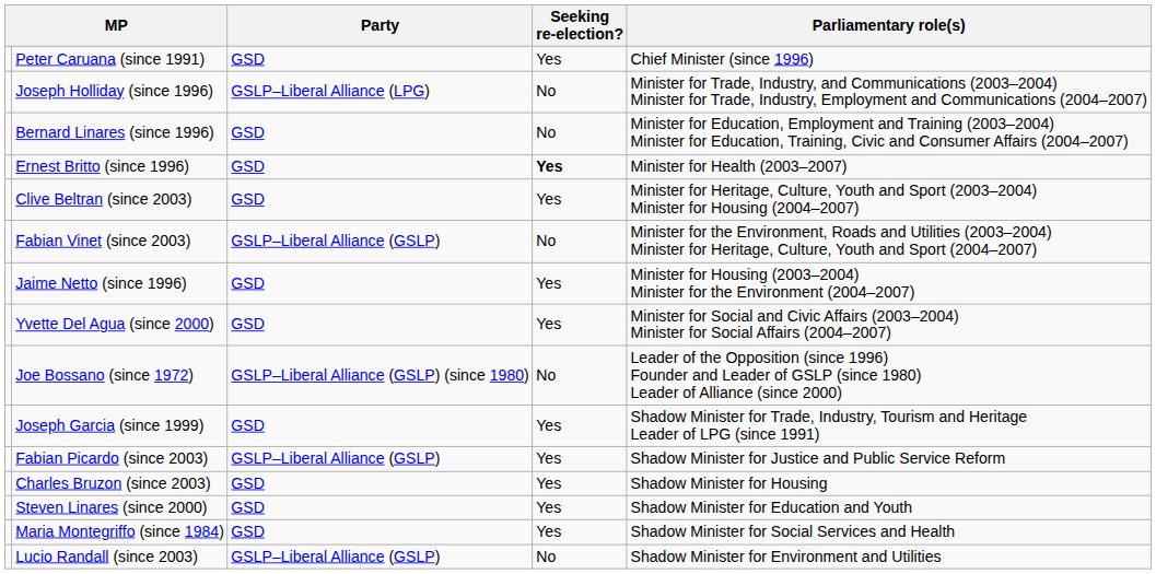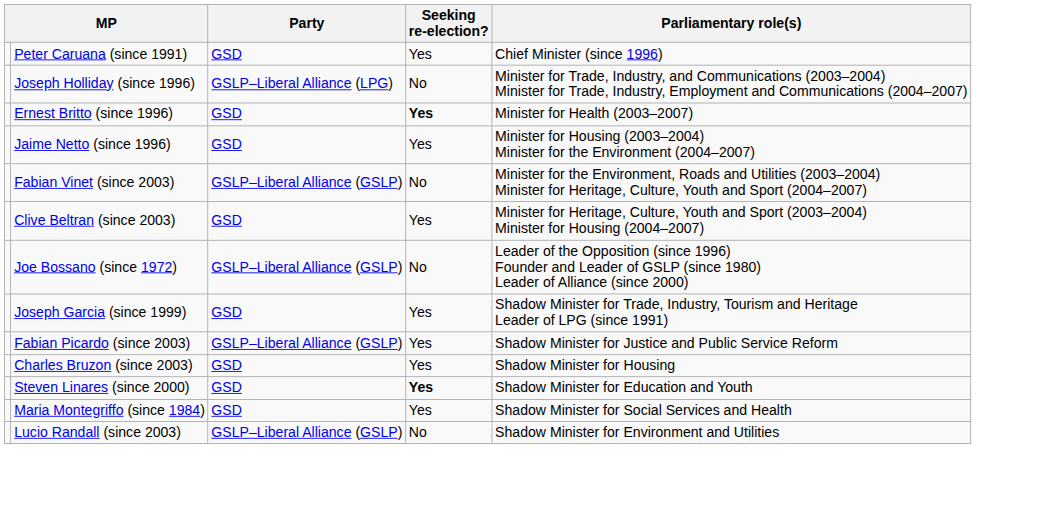 <table class=wikitable>
 <tr>
 <th colspan=2>MP</th>
 <th>Party</th>
 <th>Seeking<br>re-election?</th>
 <th>Parliamentary role(s)</th>
 </tr>
 <tr>
 <td style="background-color: "></td>
 <td><a href='#'>Peter Caruana</a> (since 1991)</td>
 <td><a href='#'>GSD</a></td>
 <td>Yes</td>
 <td>Chief Minister (since <a href='#'>1996</a>)</td>
 </tr>
 <tr>
 <td style="background-color: "></td>
 <td><a href='#'>Joseph Holliday</a> (since 1996)</td>
 <td><a href='#'>GSLP–Liberal Alliance</a> (<a href='#'>LPG</a>)</td>
 <td>No</td>
 <td>Minister for Trade, Industry, and Communications (2003–2004)<br>Minister for Trade, Industry, Employment and Communications (2004–2007)</td>
 </tr>
 <tr>
 <td style="background-color: "></td>
-<td><a href='#'>Bernard Linares</a> (since 1996)</td>
-<td><a href='#'>GSD</a></td>
-<td>No</td>
-<td>Minister for Education, Employment and Training (2003–2004)<br>Minister for Education, Training, Civic and Consumer Affairs (2004–2007)</td>
-</tr>
-<tr>
-<td style="background-color: "></td>
 <td><a href='#'>Ernest Britto</a> (since 1996)</td>
 <td><a href='#'>GSD</a></td>
 <td><strong>Yes</strong></td>
 <td>Minister for Health (2003–2007)</td>
+</tr>
+<tr>
+<td style="background-color: "></td>
+<td><a href='#'>Jaime Netto</a> (since 1996)</td>
+<td><a href='#'>GSD</a></td>
+<td>Yes</td>
+<td>Minister for Housing (2003–2004)<br>Minister for the Environment (2004–2007)</td>
+</tr>
+<tr>
+<td style="background-color: "></td>
+<td><a href='#'>Fabian Vinet</a> (since 2003)</td>
+<td><a href='#'>GSLP–Liberal Alliance</a> (<a href='#'>GSLP</a>)</td>
+<td>No</td>
+<td>Minister for the Environment, Roads and Utilities (2003–2004)<br>Minister for Heritage, Culture, Youth and Sport (2004–2007)</td>
 </tr>
 <tr>
 <td style="background-color: "></td>
 <td><a href='#'>Clive Beltran</a> (since 2003)</td>
 <td><a href='#'>GSD</a></td>
 <td>Yes</td>
 <td>Minister for Heritage, Culture, Youth and Sport (2003–2004)<br>Minister for Housing (2004–2007)</td>
 </tr>
 <tr>
 <td style="background-color: "></td>
-<td><a href='#'>Fabian Vinet</a> (since 2003)</td>
+<td><a href='#'>Joe Bossano</a> (since <a href='#'>1972</a>)</td>
 <td><a href='#'>GSLP–Liberal Alliance</a> (<a href='#'>GSLP</a>)</td>
-<td>No</td>
-<td>Minister for the Environment, Roads and Utilities (2003–2004)<br>Minister for Heritage, Culture, Youth and Sport (2004–2007)</td>
-</tr>
-<tr>
-<td style="background-color: "></td>
-<td><a href='#'>Jaime Netto</a> (since 1996)</td>
-<td><a href='#'>GSD</a></td>
-<td>Yes</td>
-<td>Minister for Housing (2003–2004)<br>Minister for the Environment (2004–2007)</td>
-</tr>
-<tr>
-<td style="background-color: "></td>
-<td><a href='#'>Yvette Del Agua</a> (since <a href='#'>2000</a>)</td>
-<td><a href='#'>GSD</a></td>
-<td>Yes</td>
-<td>Minister for Social and Civic Affairs (2003–2004)<br>Minister for Social Affairs (2004–2007)</td>
-</tr>
-<tr>
-<td style="background-color: "></td>
-<td><a href='#'>Joe Bossano</a> (since <a href='#'>1972</a>)</td>
-<td><a href='#'>GSLP–Liberal Alliance</a> (<a href='#'>GSLP</a>) (since <a href='#'>1980</a>)</td>
 <td>No</td>
 <td>Leader of the Opposition (since 1996)<br>Founder and Leader of GSLP (since 1980)<br>Leader of Alliance (since 2000)</td>
 </tr>
 <tr>
 <td style="background-color: "></td>
 <td><a href='#'>Joseph Garcia</a> (since 1999)</td>
 <td><a href='#'>GSD</a></td>
 <td>Yes</td>
 <td>Shadow Minister for Trade, Industry, Tourism and Heritage<br>Leader of LPG (since 1991)</td>
 </tr>
 <tr>
 <td style="background-color: "></td>
 <td><a href='#'>Fabian Picardo</a> (since 2003)</td>
 <td><a href='#'>GSLP–Liberal Alliance</a> (<a href='#'>GSLP</a>)</td>
 <td>Yes</td>
 <td>Shadow Minister for Justice and Public Service Reform</td>
 </tr>
 <tr>
 <td style="background-color: "></td>
 <td><a href='#'>Charles Bruzon</a> (since 2003)</td>
 <td><a href='#'>GSD</a></td>
 <td>Yes</td>
 <td>Shadow Minister for Housing</td>
 </tr>
 <tr>
 <td style="background-color: "></td>
 <td><a href='#'>Steven Linares</a> (since 2000)</td>
 <td><a href='#'>GSD</a></td>
-<td>Yes</td>
+<td><strong>Yes</strong></td>
 <td>Shadow Minister for Education and Youth</td>
 </tr>
 <tr>
 <td style="background-color: "></td>
 <td><a href='#'>Maria Montegriffo</a> (since <a href='#'>1984</a>)</td>
 <td><a href='#'>GSD</a></td>
 <td>Yes</td>
 <td>Shadow Minister for Social Services and Health</td>
 </tr>
 <tr>
 <td style="background-color: "></td>
 <td><a href='#'>Lucio Randall</a> (since 2003)</td>
 <td><a href='#'>GSLP–Liberal Alliance</a> (<a href='#'>GSLP</a>)</td>
 <td>No</td>
 <td>Shadow Minister for Environment and Utilities</td>
 </tr>
 </table>
